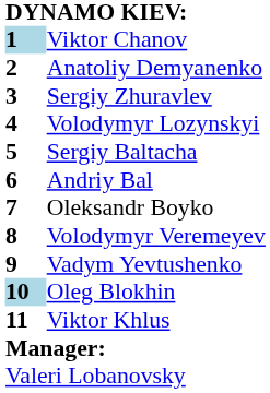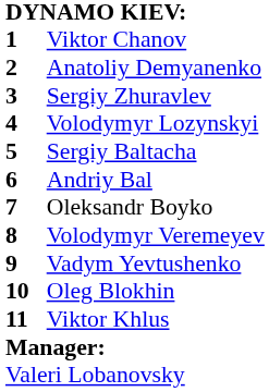 <table style="font-size: 90%" cellspacing="0" cellpadding="0" align=center>
 <tr>
 <td colspan="4"><strong>DYNAMO KIEV:</strong></td>
 </tr>
 <tr>
 <th width="25"></th>
 </tr>
 <tr>
-<td style="background: lightblue;"><strong>1</strong></td>
+<td><strong>1</strong></td>
 <td> <a href='#'>Viktor Chanov</a></td>
 </tr>
 <tr>
 <td><strong>2</strong></td>
 <td> <a href='#'>Anatoliy Demyanenko</a></td>
 </tr>
 <tr>
 <td><strong>3</strong></td>
 <td> <a href='#'>Sergiy Zhuravlev</a></td>
 </tr>
 <tr>
 <td><strong>4</strong></td>
 <td> <a href='#'>Volodymyr Lozynskyi</a></td>
 </tr>
 <tr>
 <td><strong>5</strong></td>
 <td> <a href='#'>Sergiy Baltacha</a></td>
 </tr>
 <tr>
 <td><strong>6</strong></td>
 <td>  <a href='#'>Andriy Bal</a></td>
 </tr>
 <tr>
 <td><strong>7</strong></td>
 <td> Oleksandr Boyko</td>
 </tr>
 <tr>
 <td><strong>8</strong></td>
 <td>  <a href='#'>Volodymyr Veremeyev</a></td>
 </tr>
 <tr>
 <td><strong>9</strong></td>
 <td> <a href='#'>Vadym Yevtushenko</a></td>
 </tr>
 <tr>
-<td style="background: lightblue;"><strong>10</strong></td>
+<td><strong>10</strong></td>
 <td>  <a href='#'>Oleg Blokhin</a></td>
 </tr>
 <tr>
 <td><strong>11</strong></td>
 <td> <a href='#'>Viktor Khlus</a></td>
 </tr>
 <tr>
 <td colspan=4><strong>Manager:</strong></td>
 </tr>
 <tr>
 <td colspan="4"> <a href='#'>Valeri Lobanovsky</a></td>
 </tr>
 </table>
